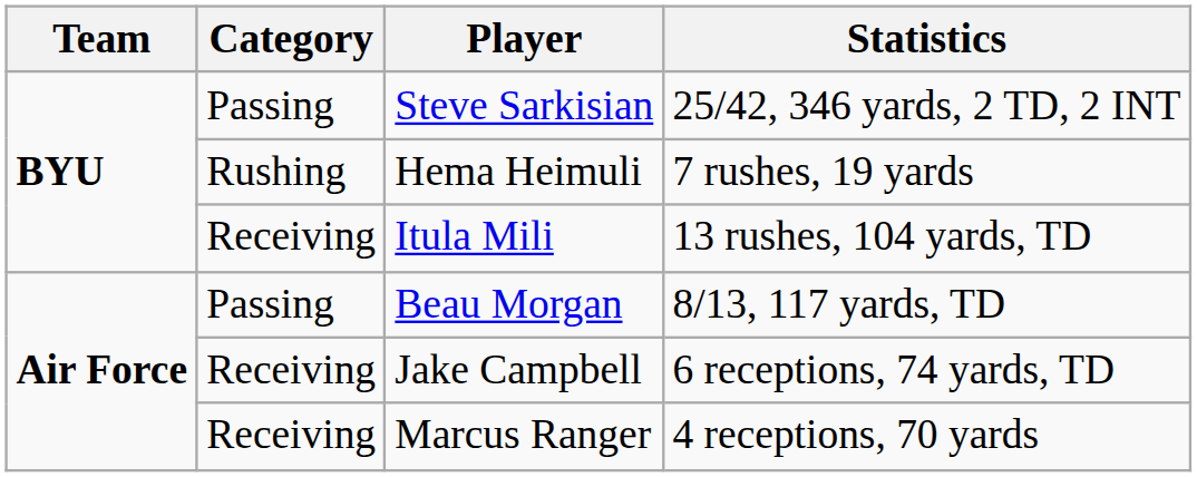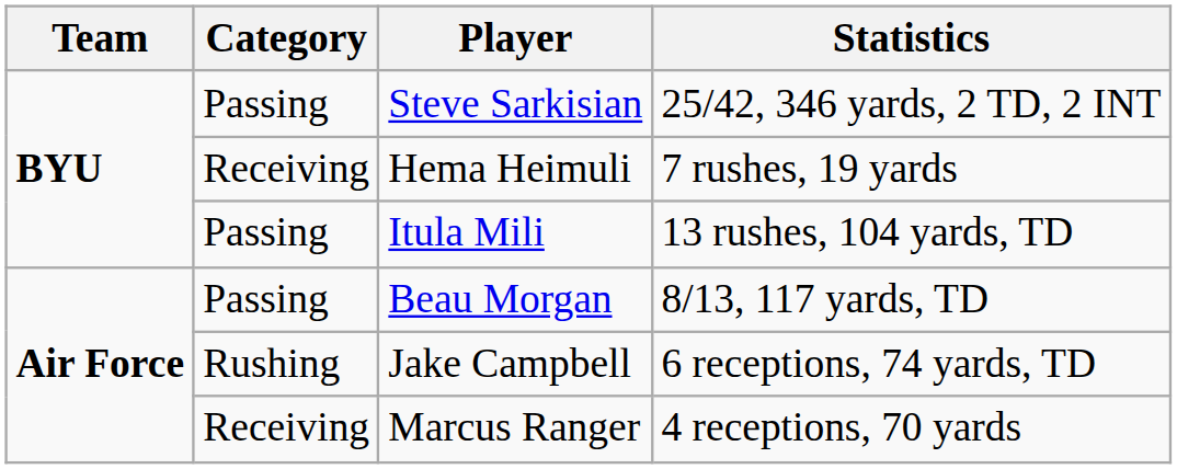 <table class="wikitable" style="float: right;">
 <tr>
 <th>Team</th>
 <th>Category</th>
 <th>Player</th>
 <th>Statistics</th>
 </tr>
 <tr>
 <td rowspan=3><strong>BYU</strong></td>
 <td>Passing</td>
 <td><a href='#'>Steve Sarkisian</a></td>
 <td>25/42, 346 yards, 2 TD, 2 INT</td>
 </tr>
 <tr>
-<td>Rushing</td>
+<td>Receiving</td>
 <td>Hema Heimuli</td>
 <td>7 rushes, 19 yards</td>
 </tr>
 <tr>
-<td>Receiving</td>
+<td>Passing</td>
 <td><a href='#'>Itula Mili</a></td>
 <td>13 rushes, 104 yards, TD</td>
 </tr>
 <tr>
 <td rowspan=3><strong>Air Force</strong></td>
 <td>Passing</td>
 <td><a href='#'>Beau Morgan</a></td>
 <td>8/13, 117 yards, TD</td>
 </tr>
 <tr>
-<td>Receiving</td>
+<td>Rushing</td>
 <td>Jake Campbell</td>
 <td>6 receptions, 74 yards, TD</td>
 </tr>
 <tr>
 <td>Receiving</td>
 <td>Marcus Ranger</td>
 <td>4 receptions, 70 yards</td>
 </tr>
 </table>
